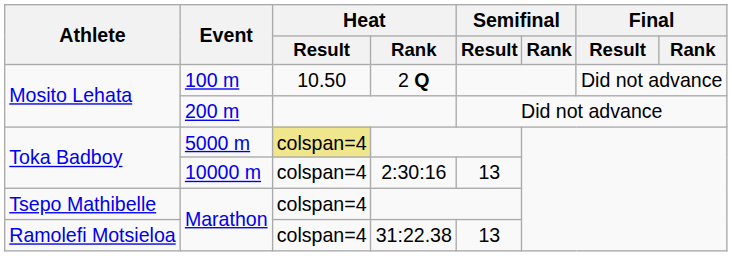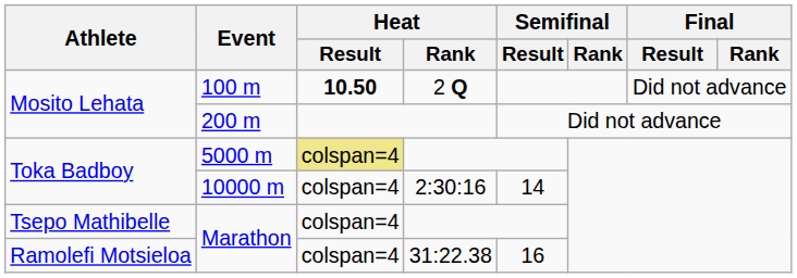 <table class="wikitable" style="font-size:90%">
 <tr>
 <th rowspan=2>Athlete</th>
 <th rowspan=2>Event</th>
 <th colspan=2>Heat</th>
 <th colspan=2>Semifinal</th>
 <th colspan=2>Final</th>
 </tr>
 <tr style="font-size:95%">
 <th>Result</th>
 <th>Rank</th>
 <th>Result</th>
 <th>Rank</th>
 <th>Result</th>
 <th>Rank</th>
 </tr>
 <tr align=center>
 <td align=left rowspan=2><a href='#'>Mosito Lehata</a></td>
 <td align=left><a href='#'>100 m</a></td>
-<td>10.50</td>
+<td><strong>10.50</strong></td>
 <td>2 <strong>Q</strong></td>
 <td colspan=2></td>
 <td colspan=2>Did not advance</td>
 </tr>
 <tr align=center>
 <td align=left><a href='#'>200 m</a></td>
 <td colspan=2></td>
 <td colspan=4>Did not advance</td>
 </tr>
 <tr align=center>
 <td align=left rowspan=2><a href='#'>Toka Badboy</a></td>
 <td align=left><a href='#'>5000 m</a></td>
 <td style="background: khaki;">colspan=4</td>
 <td colspan=2></td>
 </tr>
 <tr align=center>
 <td align=left><a href='#'>10000 m</a></td>
 <td>colspan=4</td>
 <td>2:30:16</td>
-<td>13</td>
+<td>14</td>
 </tr>
 <tr align=center>
 <td align=left><a href='#'>Tsepo Mathibelle</a></td>
 <td align=left rowspan=2><a href='#'>Marathon</a></td>
 <td>colspan=4</td>
 <td colspan=2></td>
 </tr>
 <tr align=center>
 <td align=left><a href='#'>Ramolefi Motsieloa</a></td>
 <td>colspan=4</td>
 <td>31:22.38</td>
-<td>13</td>
+<td>16</td>
 </tr>
 </table>
